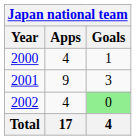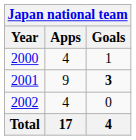 <table class="wikitable" style="text-align:center">
 <tr>
 <th colspan=3><a href='#'>Japan national team</a></th>
 </tr>
 <tr>
 <th>Year</th>
 <th>Apps</th>
 <th>Goals</th>
 </tr>
 <tr>
 <td><a href='#'>2000</a></td>
 <td>4</td>
 <td>1</td>
 </tr>
 <tr>
 <td><a href='#'>2001</a></td>
 <td>9</td>
-<td>3</td>
+<td><strong>3</strong></td>
 </tr>
 <tr>
 <td><a href='#'>2002</a></td>
 <td>4</td>
-<td style="background: lightgreen;">0</td>
+<td>0</td>
 </tr>
 <tr>
 <th>Total</th>
 <th>17</th>
 <th>4</th>
 </tr>
 </table>
